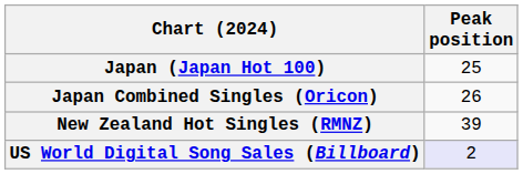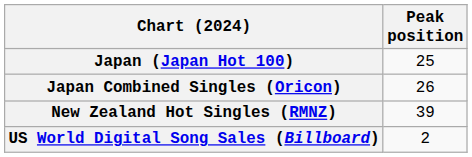 <table class="wikitable sortable plainrowheaders" style="text-align:center">
 <tr>
 <th scope="col">Chart (2024)</th>
 <th scope="col">Peak<br>position</th>
 </tr>
 <tr>
 <th scope="row">Japan (<a href='#'>Japan Hot 100</a>)</th>
 <td>25</td>
 </tr>
 <tr>
 <th scope="row">Japan Combined Singles (<a href='#'>Oricon</a>)</th>
 <td>26</td>
 </tr>
 <tr>
 <th scope="row">New Zealand Hot Singles (<a href='#'>RMNZ</a>)</th>
 <td>39</td>
 </tr>
 <tr>
 <th scope="row">US <a href='#'>World Digital Song Sales</a> (<em><a href='#'>Billboard</a></em>)</th>
-<td style="background: lavender;">2</td>
+<td>2</td>
 </tr>
 </table>
